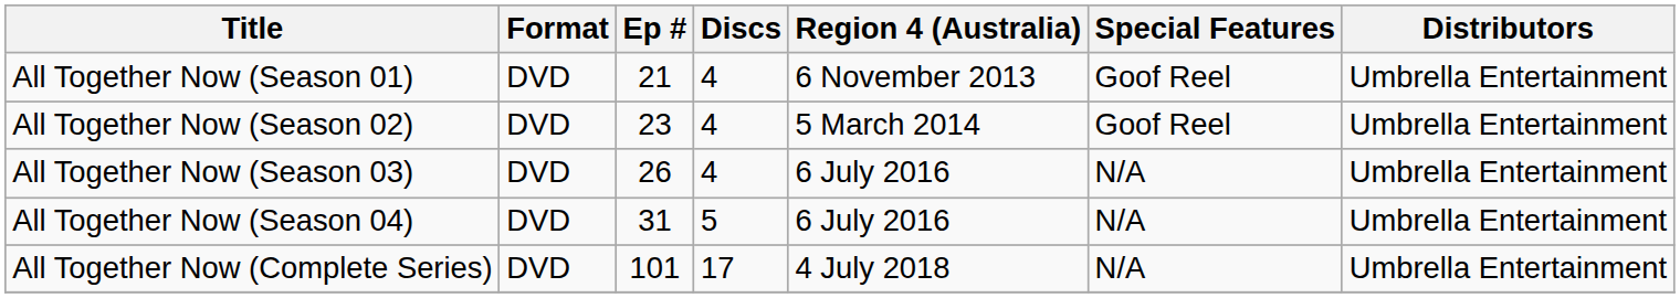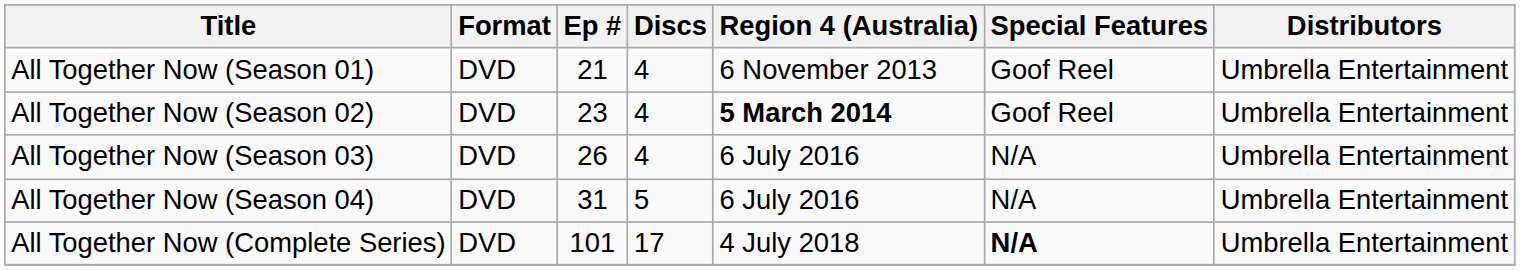 <table class="wikitable">
 <tr>
 <th>Title</th>
 <th>Format</th>
 <th>Ep #</th>
 <th>Discs</th>
 <th>Region 4 (Australia)</th>
 <th>Special Features</th>
 <th>Distributors</th>
 </tr>
 <tr>
 <td>All Together Now (Season 01)</td>
 <td>DVD</td>
 <td style="text-align:center;">21</td>
 <td>4</td>
 <td>6 November 2013</td>
 <td>Goof Reel</td>
 <td>Umbrella Entertainment</td>
 </tr>
 <tr>
 <td>All Together Now (Season 02)</td>
 <td>DVD</td>
 <td style="text-align:center;">23</td>
 <td>4</td>
-<td>5 March 2014</td>
+<td><strong>5 March 2014</strong></td>
 <td>Goof Reel</td>
 <td>Umbrella Entertainment</td>
 </tr>
 <tr>
 <td>All Together Now (Season 03)</td>
 <td>DVD</td>
 <td style="text-align:center;">26</td>
 <td>4</td>
 <td>6 July 2016</td>
 <td>N/A</td>
 <td>Umbrella Entertainment</td>
 </tr>
 <tr>
 <td>All Together Now (Season 04)</td>
 <td>DVD</td>
 <td style="text-align:center;">31</td>
 <td>5</td>
 <td>6 July 2016</td>
 <td>N/A</td>
 <td>Umbrella Entertainment</td>
 </tr>
 <tr>
 <td>All Together Now (Complete Series)</td>
 <td>DVD</td>
 <td style="text-align:center;">101</td>
 <td>17</td>
 <td>4 July 2018</td>
-<td>N/A</td>
+<td><strong>N/A</strong></td>
 <td>Umbrella Entertainment</td>
 </tr>
 <tr>
 </tr>
 </table>
